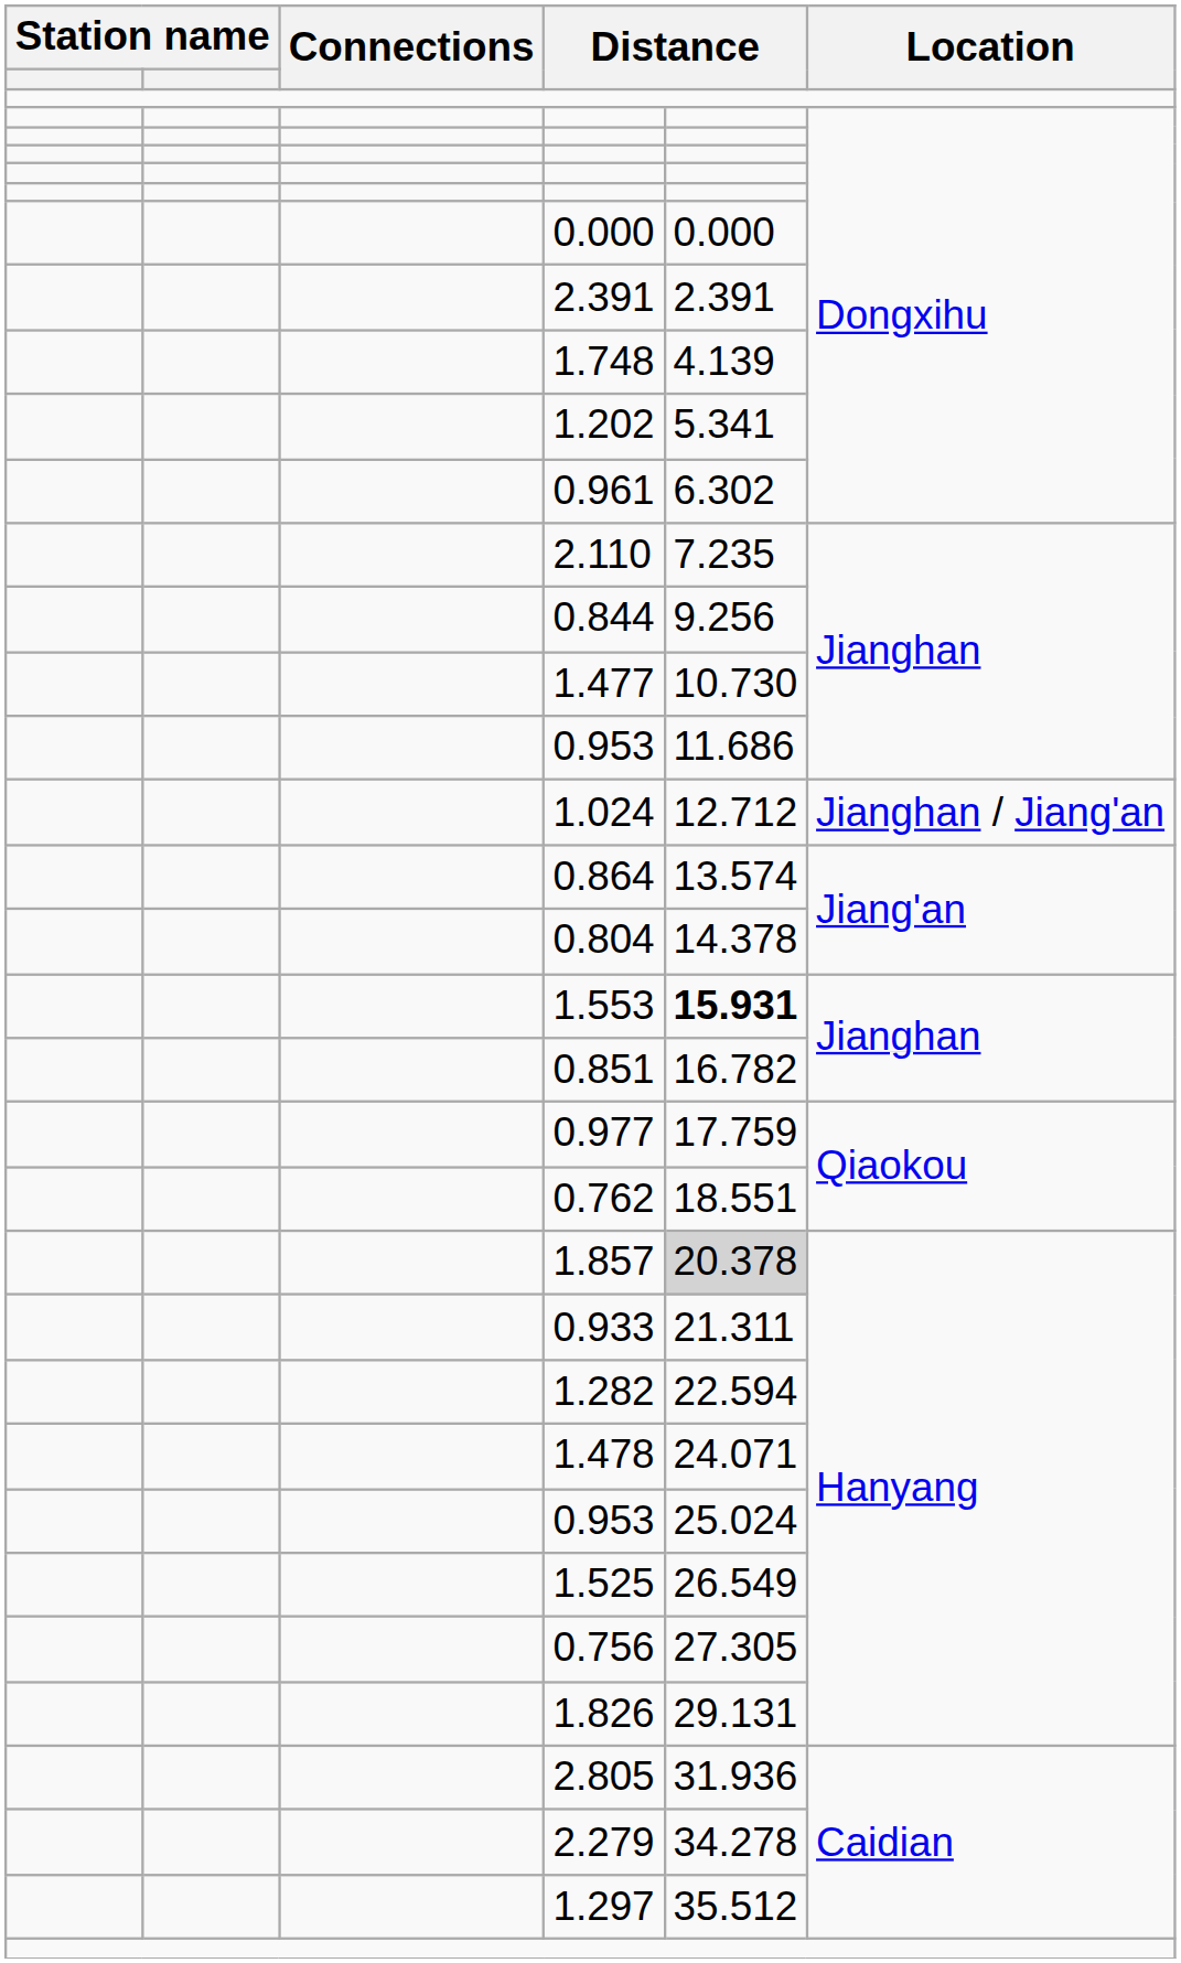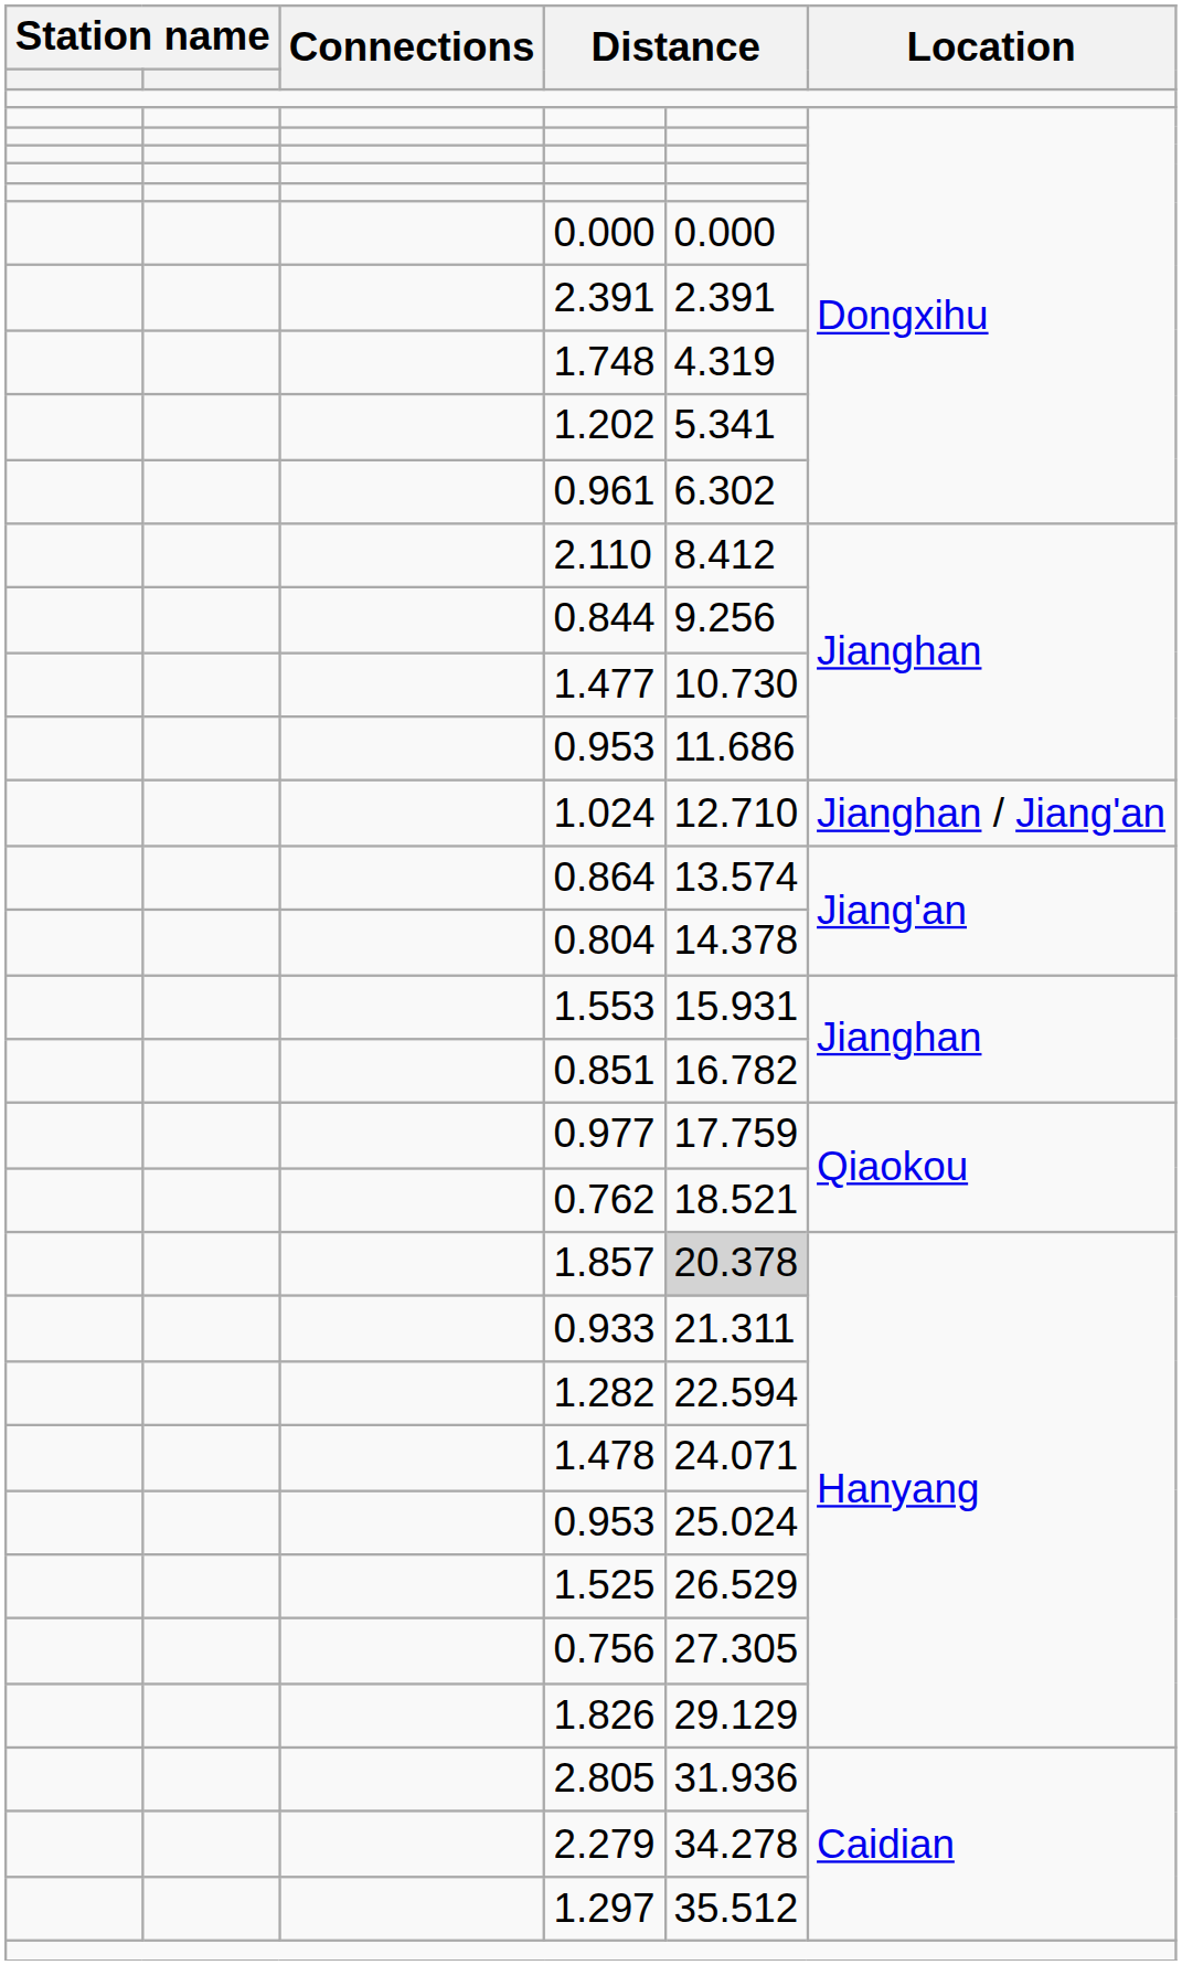 <table class="wikitable">
 <tr>
 <th colspan="2">Station name</th>
 <th rowspan="2">Connections</th>
 <th colspan="2" rowspan="2">Distance<br></th>
 <th rowspan="2">Location</th>
 </tr>
 <tr>
 <th></th>
 <th></th>
 </tr>
 <tr style="background:#">
 <td colspan = "6"></td>
 </tr>
 <tr>
 <td></td>
 <td></td>
 <td></td>
 <td></td>
 <td></td>
 <td rowspan="10"><a href='#'>Dongxihu</a></td>
 </tr>
 <tr>
 <td></td>
 <td></td>
 <td></td>
 <td></td>
 <td></td>
 </tr>
 <tr>
 <td></td>
 <td></td>
 <td></td>
 <td></td>
 <td></td>
 </tr>
 <tr>
 <td></td>
 <td></td>
 <td></td>
 <td></td>
 <td></td>
 </tr>
 <tr>
 <td></td>
 <td></td>
 <td></td>
 <td></td>
 <td></td>
 </tr>
 <tr>
 <td></td>
 <td></td>
 <td></td>
 <td>0.000</td>
 <td>0.000</td>
 </tr>
 <tr>
 <td></td>
 <td></td>
 <td></td>
 <td>2.391</td>
 <td>2.391</td>
 </tr>
 <tr>
 <td></td>
 <td></td>
 <td></td>
 <td>1.748</td>
-<td>4.139</td>
+<td>4.319</td>
 </tr>
 <tr>
 <td></td>
 <td></td>
 <td></td>
 <td>1.202</td>
 <td>5.341</td>
 </tr>
 <tr>
 <td></td>
 <td></td>
 <td></td>
 <td>0.961</td>
 <td>6.302</td>
 </tr>
 <tr>
 <td></td>
 <td></td>
 <td></td>
 <td>2.110</td>
-<td>7.235</td>
+<td>8.412</td>
 <td rowspan="4"><a href='#'>Jianghan</a></td>
 </tr>
 <tr>
 <td></td>
 <td></td>
 <td></td>
 <td>0.844</td>
 <td>9.256</td>
 </tr>
 <tr>
 <td></td>
 <td></td>
 <td></td>
 <td>1.477</td>
 <td>10.730</td>
 </tr>
 <tr>
 <td></td>
 <td></td>
 <td></td>
 <td>0.953</td>
 <td>11.686</td>
 </tr>
 <tr>
 <td></td>
 <td></td>
 <td> </td>
 <td>1.024</td>
-<td>12.712</td>
+<td>12.710</td>
 <td rowspan="1"><a href='#'>Jianghan</a> / <a href='#'>Jiang'an</a></td>
 </tr>
 <tr>
 <td></td>
 <td></td>
 <td></td>
 <td>0.864</td>
 <td>13.574</td>
 <td rowspan="2"><a href='#'>Jiang'an</a></td>
 </tr>
 <tr>
 <td></td>
 <td></td>
 <td></td>
 <td>0.804</td>
 <td>14.378</td>
 </tr>
 <tr>
 <td></td>
 <td></td>
 <td></td>
 <td>1.553</td>
-<td><strong>15.931</strong></td>
+<td>15.931</td>
 <td rowspan="2"><a href='#'>Jianghan</a></td>
 </tr>
 <tr>
 <td></td>
 <td></td>
 <td></td>
 <td>0.851</td>
 <td>16.782</td>
 </tr>
 <tr>
 <td></td>
 <td></td>
 <td></td>
 <td>0.977</td>
 <td>17.759</td>
 <td rowspan="2"><a href='#'>Qiaokou</a></td>
 </tr>
 <tr>
 <td></td>
 <td></td>
 <td></td>
 <td>0.762</td>
-<td>18.551</td>
+<td>18.521</td>
 </tr>
 <tr>
 <td></td>
 <td></td>
 <td></td>
 <td>1.857</td>
 <td style="background: lightgrey;">20.378</td>
 <td rowspan="8"><a href='#'>Hanyang</a></td>
 </tr>
 <tr>
 <td></td>
 <td></td>
 <td></td>
 <td>0.933</td>
 <td>21.311</td>
 </tr>
 <tr>
 <td></td>
 <td></td>
 <td></td>
 <td>1.282</td>
 <td>22.594</td>
 </tr>
 <tr>
 <td></td>
 <td></td>
 <td></td>
 <td>1.478</td>
 <td>24.071</td>
 </tr>
 <tr>
 <td></td>
 <td></td>
 <td></td>
 <td>0.953</td>
 <td>25.024</td>
 </tr>
 <tr>
 <td></td>
 <td></td>
 <td></td>
 <td>1.525</td>
-<td>26.549</td>
+<td>26.529</td>
 </tr>
 <tr>
 <td></td>
 <td></td>
 <td></td>
 <td>0.756</td>
 <td>27.305</td>
 </tr>
 <tr>
 <td></td>
 <td></td>
 <td></td>
 <td>1.826</td>
-<td>29.131</td>
+<td>29.129</td>
 </tr>
 <tr>
 <td></td>
 <td></td>
 <td></td>
 <td>2.805</td>
 <td>31.936</td>
 <td rowspan="3"><a href='#'>Caidian</a></td>
 </tr>
 <tr>
 <td></td>
 <td></td>
 <td></td>
 <td>2.279</td>
 <td>34.278</td>
 </tr>
 <tr>
 <td></td>
 <td></td>
 <td></td>
 <td>1.297</td>
 <td>35.512</td>
 </tr>
 <tr style="background:#">
 <td colspan = "6"></td>
 </tr>
 </table>
